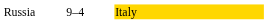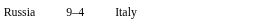 <table style="text-align:center">
 <tr>
 <th width=200></th>
 <th width=100></th>
 <th width=200></th>
 </tr>
 <tr>
 <td align=right>Russia </td>
 <td>9–4</td>
-<td align=left style="background: gold;"> Italy</td>
+<td align=left> Italy</td>
 </tr>
 </table>
